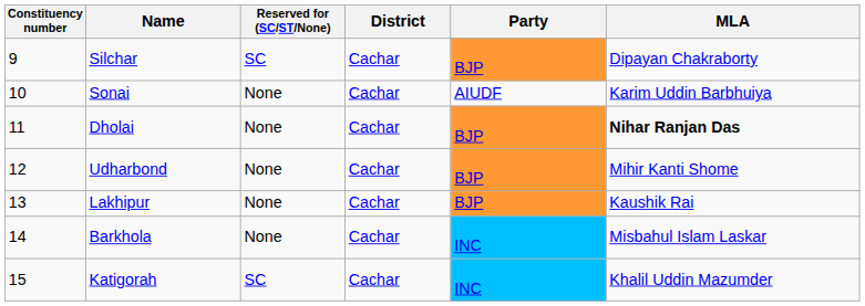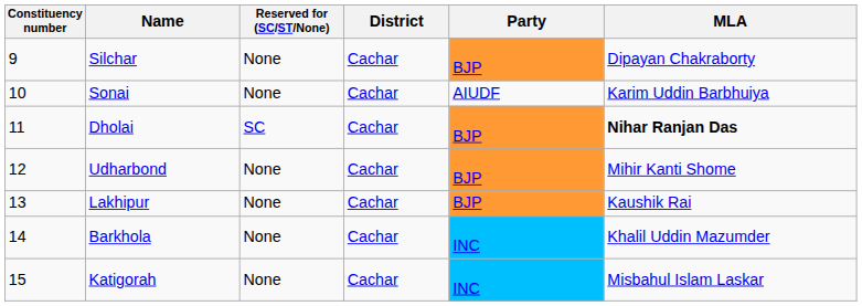 <table class="wikitable sortable">
 <tr>
 <th width="50px" style="font-size:75%">Constituency number</th>
 <th width="150px">Name</th>
 <th width="100px" style="font-size:75%">Reserved for (<a href='#'>SC</a>/<a href='#'>ST</a>/None)</th>
 <th width="100px">District</th>
 <th width="150px">Party</th>
 <th width="250px">MLA</th>
 </tr>
 <tr>
 <td>9</td>
 <td><a href='#'>Silchar</a></td>
-<td><a href='#'>SC</a></td>
+<td>None</td>
 <td><a href='#'>Cachar</a></td>
 <td bgcolor=#FF9933><br><a href='#'>BJP</a></td>
 <td><a href='#'>Dipayan Chakraborty</a></td>
 </tr>
 <tr>
 <td>10</td>
 <td><a href='#'>Sonai</a></td>
 <td>None</td>
 <td><a href='#'>Cachar</a></td>
 <td><a href='#'><span>AIUDF</span></a></td>
 <td><a href='#'>Karim Uddin Barbhuiya</a></td>
 </tr>
 <tr>
 <td>11</td>
 <td><a href='#'>Dholai</a></td>
-<td>None</td>
+<td><a href='#'>SC</a></td>
 <td><a href='#'>Cachar</a></td>
 <td bgcolor=#FF9933><br><a href='#'>BJP</a></td>
 <td><strong>Nihar Ranjan Das</strong></td>
 </tr>
 <tr>
 <td>12</td>
 <td><a href='#'>Udharbond</a></td>
 <td>None</td>
 <td><a href='#'>Cachar</a></td>
 <td bgcolor=#FF9933><br><a href='#'>BJP</a></td>
 <td><a href='#'>Mihir Kanti Shome</a></td>
 </tr>
 <tr>
 <td>13</td>
 <td><a href='#'>Lakhipur</a></td>
 <td>None</td>
 <td><a href='#'>Cachar</a></td>
 <td bgcolor=#FF9933><a href='#'>BJP</a></td>
 <td><a href='#'>Kaushik Rai</a></td>
 </tr>
 <tr>
 <td>14</td>
 <td><a href='#'>Barkhola</a></td>
 <td>None</td>
 <td><a href='#'>Cachar</a></td>
 <td bgcolor=#00BFFF><br><a href='#'>INC</a></td>
-<td><a href='#'>Misbahul Islam Laskar</a></td>
+<td><a href='#'>Khalil Uddin Mazumder</a></td>
 </tr>
 <tr>
 <td>15</td>
 <td><a href='#'>Katigorah</a></td>
-<td><a href='#'>SC</a></td>
+<td>None</td>
 <td><a href='#'>Cachar</a></td>
 <td bgcolor=#00BFFF><br><a href='#'>INC</a></td>
-<td><a href='#'>Khalil Uddin Mazumder</a></td>
+<td><a href='#'>Misbahul Islam Laskar</a></td>
 </tr>
 </table>
